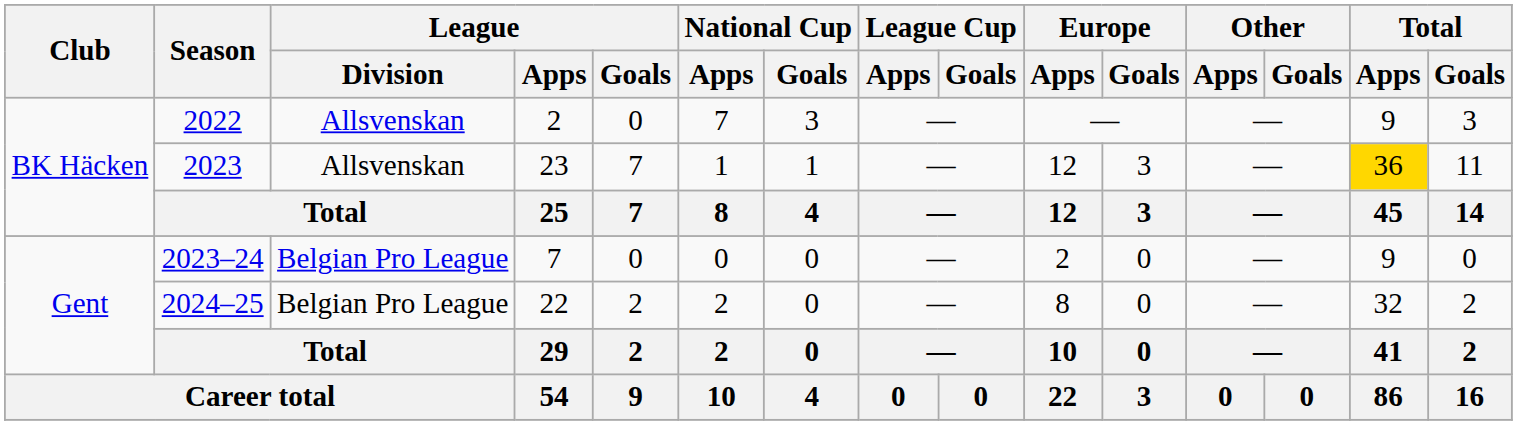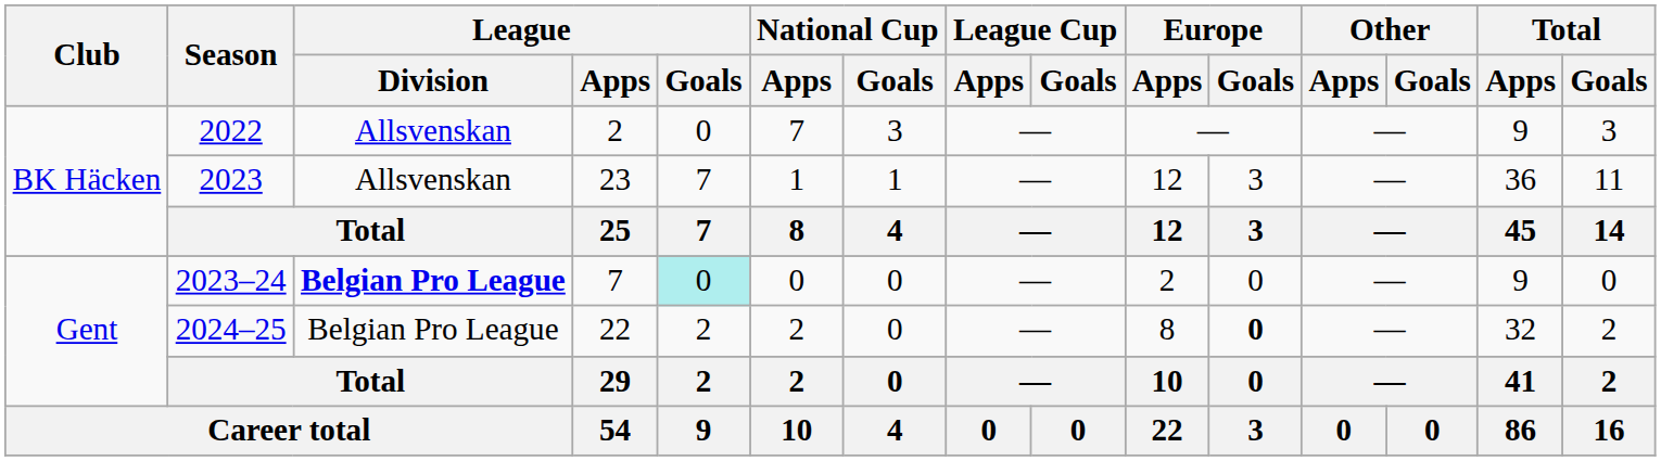 <table class=wikitable style="text-align: center">
 <tr>
 <th rowspan=2>Club</th>
 <th rowspan=2>Season</th>
 <th colspan=3>League</th>
 <th colspan=2>National Cup</th>
 <th colspan=2>League Cup</th>
 <th colspan="2">Europe</th>
 <th colspan="2">Other</th>
 <th colspan=2>Total</th>
 </tr>
 <tr>
 <th>Division</th>
 <th>Apps</th>
 <th>Goals</th>
 <th>Apps</th>
 <th>Goals</th>
 <th>Apps</th>
 <th>Goals</th>
 <th>Apps</th>
 <th>Goals</th>
 <th>Apps</th>
 <th>Goals</th>
 <th>Apps</th>
 <th>Goals</th>
 </tr>
 <tr>
 <td rowspan="3"><a href='#'>BK Häcken</a></td>
 <td><a href='#'>2022</a></td>
 <td><a href='#'>Allsvenskan</a></td>
 <td>2</td>
 <td>0</td>
 <td>7</td>
 <td>3</td>
 <td colspan="2">—</td>
 <td colspan="2">—</td>
 <td colspan="2">—</td>
 <td>9</td>
 <td>3</td>
 </tr>
 <tr>
 <td><a href='#'>2023</a></td>
 <td>Allsvenskan</td>
 <td>23</td>
 <td>7</td>
 <td>1</td>
 <td>1</td>
 <td colspan="2">—</td>
 <td>12</td>
 <td>3</td>
 <td colspan="2">—</td>
-<td style="background: gold;">36</td>
+<td>36</td>
 <td>11</td>
 </tr>
 <tr>
 <th colspan="2">Total</th>
 <th>25</th>
 <th>7</th>
 <th>8</th>
 <th>4</th>
 <th colspan="2">—</th>
 <th>12</th>
 <th>3</th>
 <th colspan="2">—</th>
 <th>45</th>
 <th>14</th>
 </tr>
 <tr>
 <td rowspan="3"><a href='#'>Gent</a></td>
 <td><a href='#'>2023–24</a></td>
-<td><a href='#'>Belgian Pro League</a></td>
+<td><strong><a href='#'>Belgian Pro League</a></strong></td>
 <td>7</td>
-<td>0</td>
+<td style="background: paleturquoise;">0</td>
 <td>0</td>
 <td>0</td>
 <td colspan="2">—</td>
 <td>2</td>
 <td>0</td>
 <td colspan="2">—</td>
 <td>9</td>
 <td>0</td>
 </tr>
 <tr>
 <td><a href='#'>2024–25</a></td>
 <td>Belgian Pro League</td>
 <td>22</td>
 <td>2</td>
 <td>2</td>
 <td>0</td>
 <td colspan="2">—</td>
 <td>8</td>
-<td>0</td>
+<td><strong>0</strong></td>
 <td colspan="2">—</td>
 <td>32</td>
 <td>2</td>
 </tr>
 <tr>
 <th colspan="2">Total</th>
 <th>29</th>
 <th>2</th>
 <th>2</th>
 <th>0</th>
 <th colspan="2">—</th>
 <th>10</th>
 <th>0</th>
 <th colspan="2">—</th>
 <th>41</th>
 <th>2</th>
 </tr>
 <tr>
 <th colspan="3">Career total</th>
 <th>54</th>
 <th>9</th>
 <th>10</th>
 <th>4</th>
 <th>0</th>
 <th>0</th>
 <th>22</th>
 <th>3</th>
 <th>0</th>
 <th>0</th>
 <th>86</th>
 <th>16</th>
 </tr>
 </table>
